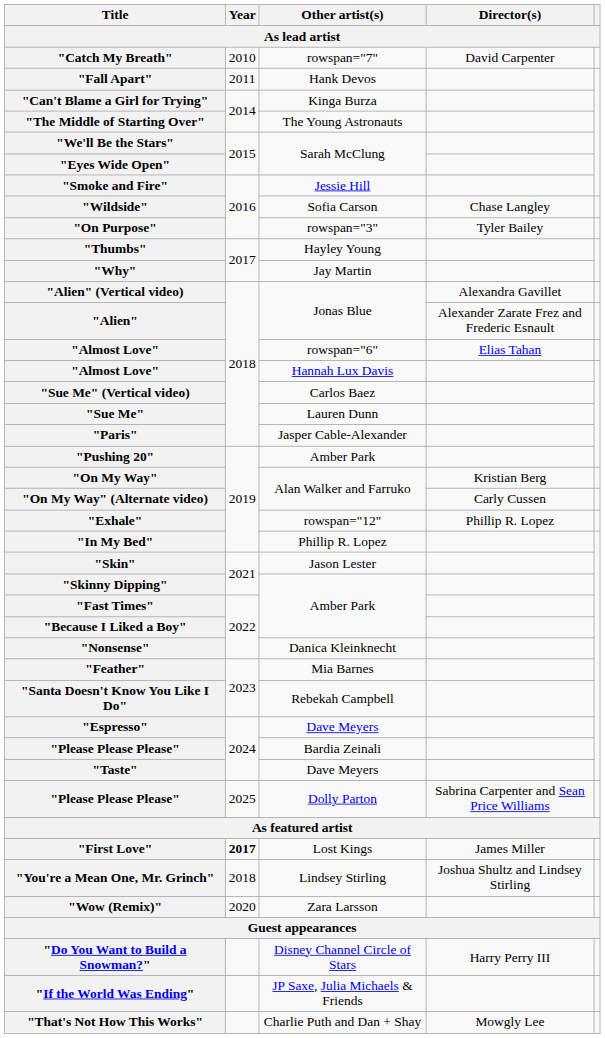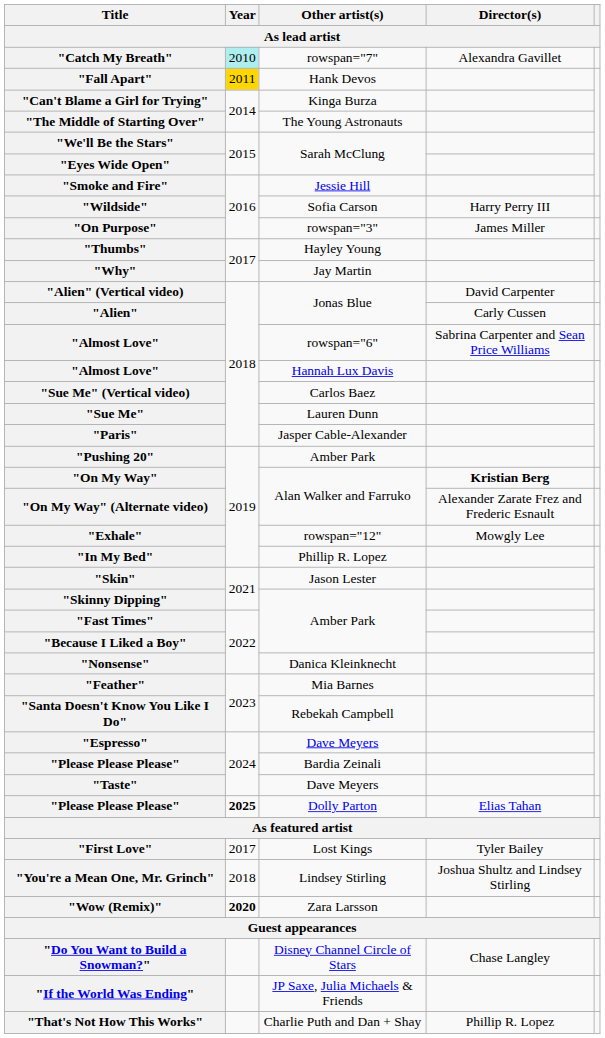 <table class="wikitable plainrowheaders" style="text-align:center;">
 <tr>
 <th scope="col" style="width:16em;">Title</th>
 <th scope="col">Year</th>
 <th scope="col" style="width:12em;">Other artist(s)</th>
 <th scope="col" style="width:12em;">Director(s)</th>
 <th scope="col"></th>
 </tr>
 <tr>
 <th scope="col" colspan="5">As lead artist</th>
 </tr>
 <tr>
 <th scope="row">"Catch My Breath"</th>
-<td>2010</td>
+<td style="background: paleturquoise;">2010</td>
 <td>rowspan="7" </td>
-<td>David Carpenter</td>
+<td>Alexandra Gavillet</td>
 <td></td>
 </tr>
 <tr>
 <th scope="row">"Fall Apart"</th>
-<td>2011</td>
+<td style="background: gold;">2011</td>
 <td>Hank Devos</td>
 <td></td>
 </tr>
 <tr>
 <th scope="row">"Can't Blame a Girl for Trying"</th>
 <td rowspan="2">2014</td>
 <td>Kinga Burza</td>
 <td></td>
 </tr>
 <tr>
 <th scope="row">"The Middle of Starting Over"</th>
 <td>The Young Astronauts</td>
 <td></td>
 </tr>
 <tr>
 <th scope="row">"We'll Be the Stars"</th>
 <td rowspan="2">2015</td>
 <td rowspan="2">Sarah McClung</td>
 <td></td>
 </tr>
 <tr>
 <th scope="row">"Eyes Wide Open"</th>
 <td></td>
 </tr>
 <tr>
 <th scope="row">"Smoke and Fire"</th>
 <td rowspan="3">2016</td>
 <td><a href='#'>Jessie Hill</a></td>
 <td></td>
 </tr>
 <tr>
 <th scope="row">"Wildside" </th>
 <td>Sofia Carson</td>
-<td>Chase Langley</td>
+<td>Harry Perry III</td>
 <td></td>
 </tr>
 <tr>
 <th scope="row">"On Purpose"</th>
 <td>rowspan="3" </td>
-<td>Tyler Bailey</td>
+<td>James Miller</td>
 <td></td>
 </tr>
 <tr>
 <th scope="row">"Thumbs"</th>
 <td rowspan="2">2017</td>
 <td>Hayley Young</td>
 <td></td>
 </tr>
 <tr>
 <th scope="row">"Why"</th>
 <td>Jay Martin</td>
 <td></td>
 </tr>
 <tr>
 <th scope="row">"Alien" <span>(Vertical video)</span></th>
 <td rowspan="7">2018</td>
 <td rowspan="2">Jonas Blue</td>
-<td>Alexandra Gavillet</td>
+<td>David Carpenter</td>
 <td></td>
 </tr>
 <tr>
 <th scope="row">"Alien"</th>
-<td>Alexander Zarate Frez and Frederic Esnault</td>
+<td>Carly Cussen</td>
 <td></td>
 </tr>
 <tr>
 <th scope="row">"Almost Love" </th>
 <td>rowspan="6" </td>
-<td><a href='#'>Elias Tahan</a></td>
+<td>Sabrina Carpenter and <a href='#'>Sean Price Williams</a></td>
 <td></td>
 </tr>
 <tr>
 <th scope="row">"Almost Love"</th>
 <td><a href='#'>Hannah Lux Davis</a></td>
 <td></td>
 </tr>
 <tr>
 <th scope="row">"Sue Me" <span>(Vertical video)</span></th>
 <td>Carlos Baez</td>
 <td></td>
 </tr>
 <tr>
 <th scope="row">"Sue Me"</th>
 <td>Lauren Dunn</td>
 <td></td>
 </tr>
 <tr>
 <th scope="row">"Paris"</th>
 <td>Jasper Cable-Alexander</td>
 <td></td>
 </tr>
 <tr>
 <th scope="row">"Pushing 20" </th>
 <td rowspan="5">2019</td>
 <td>Amber Park</td>
 <td></td>
 </tr>
 <tr>
 <th scope="row">"On My Way"</th>
 <td rowspan="2">Alan Walker and Farruko</td>
-<td>Kristian Berg</td>
+<td><strong>Kristian Berg</strong></td>
 <td></td>
 </tr>
 <tr>
 <th scope="row">"On My Way"<span> (Alternate video)</span></th>
-<td>Carly Cussen</td>
+<td>Alexander Zarate Frez and Frederic Esnault</td>
 <td></td>
 </tr>
 <tr>
 <th scope="row">"Exhale"</th>
 <td>rowspan="12" </td>
-<td>Phillip R. Lopez</td>
+<td>Mowgly Lee</td>
 <td></td>
 </tr>
 <tr>
 <th scope="row">"In My Bed"</th>
 <td>Phillip R. Lopez</td>
 <td></td>
 </tr>
 <tr>
 <th scope="row">"Skin"</th>
 <td rowspan="2">2021</td>
 <td>Jason Lester</td>
 <td></td>
 </tr>
 <tr>
 <th scope="row">"Skinny Dipping"</th>
 <td rowspan="3">Amber Park</td>
 <td></td>
 </tr>
 <tr>
 <th scope="row">"Fast Times"</th>
 <td rowspan="3">2022</td>
 <td></td>
 </tr>
 <tr>
 <th scope="row">"Because I Liked a Boy"</th>
 <td></td>
 </tr>
 <tr>
 <th scope="row">"Nonsense"</th>
 <td>Danica Kleinknecht</td>
 <td></td>
 </tr>
 <tr>
 <th scope="row">"Feather"</th>
 <td rowspan="2">2023</td>
 <td>Mia Barnes</td>
 <td></td>
 </tr>
 <tr>
 <th scope="row">"Santa Doesn't Know You Like I Do"</th>
 <td>Rebekah Campbell</td>
 <td></td>
 </tr>
 <tr>
 <th scope="row">"Espresso"</th>
 <td rowspan="3">2024</td>
 <td><a href='#'>Dave Meyers</a></td>
 <td></td>
 </tr>
 <tr>
 <th scope="row">"Please Please Please"</th>
 <td>Bardia Zeinali</td>
 <td></td>
 </tr>
 <tr>
 <th scope="row">"Taste"</th>
 <td>Dave Meyers</td>
 <td></td>
 </tr>
 <tr>
 <th scope="row">"Please Please Please"</th>
-<td>2025</td>
+<td><strong>2025</strong></td>
 <td><a href='#'>Dolly Parton</a></td>
-<td>Sabrina Carpenter and <a href='#'>Sean Price Williams</a></td>
+<td><a href='#'>Elias Tahan</a></td>
 <td></td>
 </tr>
 <tr>
 <th scope="col" colspan="5">As featured artist</th>
 </tr>
 <tr>
 <th scope="row">"First Love"</th>
-<td><strong>2017</strong></td>
+<td>2017</td>
 <td>Lost Kings</td>
-<td>James Miller</td>
+<td>Tyler Bailey</td>
 <td></td>
 </tr>
 <tr>
 <th scope="row">"You're a Mean One, Mr. Grinch"</th>
 <td>2018</td>
 <td>Lindsey Stirling</td>
 <td>Joshua Shultz and Lindsey Stirling</td>
 <td></td>
 </tr>
 <tr>
 <th scope="row">"Wow (Remix)"</th>
-<td>2020</td>
+<td><strong>2020</strong></td>
 <td>Zara Larsson</td>
 <td></td>
 <td></td>
 </tr>
 <tr>
 <th scope="col" colspan="5">Guest appearances</th>
 </tr>
 <tr>
 <th scope="row">"<a href='#'>Do You Want to Build a Snowman?</a>"</th>
 <td></td>
 <td><a href='#'>Disney Channel Circle of Stars</a></td>
-<td>Harry Perry III</td>
+<td>Chase Langley</td>
 <td></td>
 </tr>
 <tr>
 <th scope="row">"<a href='#'>If the World Was Ending</a>" </th>
 <td></td>
 <td><a href='#'>JP Saxe</a>, <a href='#'>Julia Michaels</a> & Friends</td>
 <td></td>
 <td></td>
 </tr>
 <tr>
 <th scope="row">"That's Not How This Works"</th>
 <td></td>
 <td>Charlie Puth and Dan + Shay</td>
-<td>Mowgly Lee</td>
+<td>Phillip R. Lopez</td>
 <td></td>
 </tr>
 </table>
